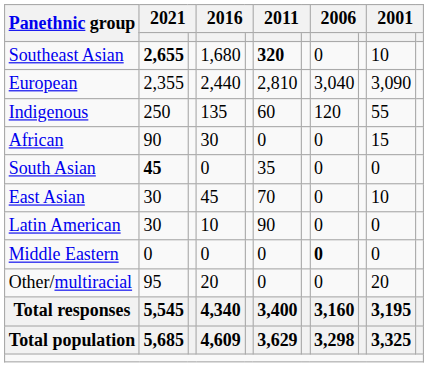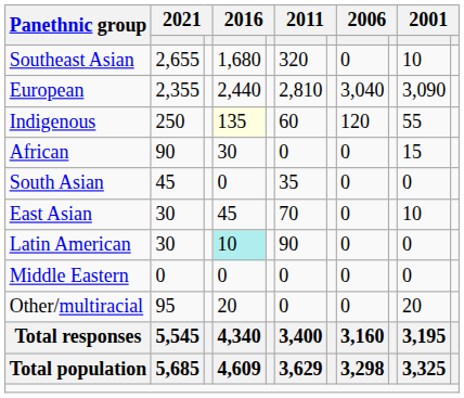 <table class="wikitable collapsible sortable">
 <tr>
 <th rowspan="2"><a href='#'>Panethnic</a> group</th>
 <th colspan="2">2021</th>
 <th colspan="2">2016</th>
 <th colspan="2">2011</th>
 <th colspan="2">2006</th>
 <th colspan="2">2001</th>
 </tr>
 <tr>
 <th><a href='#'></a></th>
 <th></th>
 <th></th>
 <th></th>
 <th></th>
 <th></th>
 <th></th>
 <th></th>
 <th></th>
 <th></th>
 </tr>
 <tr>
 <td><a href='#'>Southeast Asian</a></td>
-<td><strong>2,655</strong></td>
+<td>2,655</td>
 <td></td>
 <td>1,680</td>
 <td></td>
-<td><strong>320</strong></td>
+<td>320</td>
 <td></td>
 <td>0</td>
 <td></td>
 <td>10</td>
 <td></td>
 </tr>
 <tr>
 <td><a href='#'>European</a></td>
 <td>2,355</td>
 <td></td>
 <td>2,440</td>
 <td></td>
 <td>2,810</td>
 <td></td>
 <td>3,040</td>
 <td></td>
 <td>3,090</td>
 <td></td>
 </tr>
 <tr>
 <td><a href='#'>Indigenous</a></td>
 <td>250</td>
 <td></td>
-<td>135</td>
+<td style="background: lightyellow;">135</td>
 <td></td>
 <td>60</td>
 <td></td>
 <td>120</td>
 <td></td>
 <td>55</td>
 <td></td>
 </tr>
 <tr>
 <td><a href='#'>African</a></td>
 <td>90</td>
 <td></td>
 <td>30</td>
 <td></td>
 <td>0</td>
 <td></td>
 <td>0</td>
 <td></td>
 <td>15</td>
 <td></td>
 </tr>
 <tr>
 <td><a href='#'>South Asian</a></td>
-<td><strong>45</strong></td>
+<td>45</td>
 <td></td>
 <td>0</td>
 <td></td>
 <td>35</td>
 <td></td>
 <td>0</td>
 <td></td>
 <td>0</td>
 <td></td>
 </tr>
 <tr>
 <td><a href='#'>East Asian</a></td>
 <td>30</td>
 <td></td>
 <td>45</td>
 <td></td>
 <td>70</td>
 <td></td>
 <td>0</td>
 <td></td>
 <td>10</td>
 <td></td>
 </tr>
 <tr>
 <td><a href='#'>Latin American</a></td>
 <td>30</td>
 <td></td>
-<td>10</td>
+<td style="background: paleturquoise;">10</td>
 <td></td>
 <td>90</td>
 <td></td>
 <td>0</td>
 <td></td>
 <td>0</td>
 <td></td>
 </tr>
 <tr>
 <td><a href='#'>Middle Eastern</a></td>
 <td>0</td>
 <td></td>
 <td>0</td>
 <td></td>
 <td>0</td>
 <td></td>
-<td><strong>0</strong></td>
+<td>0</td>
 <td></td>
 <td>0</td>
 <td></td>
 </tr>
 <tr>
 <td>Other/<a href='#'>multiracial</a></td>
 <td>95</td>
 <td></td>
 <td>20</td>
 <td></td>
 <td>0</td>
 <td></td>
 <td>0</td>
 <td></td>
 <td>20</td>
 <td></td>
 </tr>
 <tr>
 <th>Total responses</th>
 <th>5,545</th>
 <th></th>
 <th>4,340</th>
 <th></th>
 <th>3,400</th>
 <th></th>
 <th>3,160</th>
 <th></th>
 <th>3,195</th>
 <th></th>
 </tr>
 <tr class="sortbottom">
 <th>Total population</th>
 <th>5,685</th>
 <th></th>
 <th>4,609</th>
 <th></th>
 <th>3,629</th>
 <th></th>
 <th>3,298</th>
 <th></th>
 <th>3,325</th>
 <th></th>
 </tr>
 <tr class="sortbottom">
 <td colspan="11"></td>
 </tr>
 </table>
